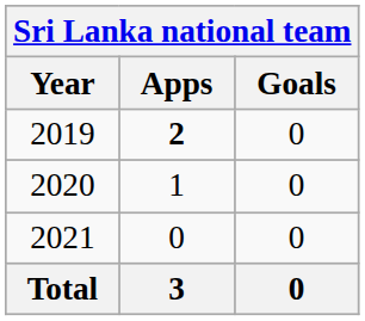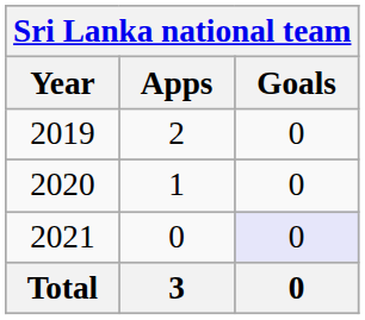 <table class="wikitable" style="text-align:center">
 <tr>
 <th colspan=3><a href='#'>Sri Lanka national team</a></th>
 </tr>
 <tr>
 <th>Year</th>
 <th>Apps</th>
 <th>Goals</th>
 </tr>
 <tr>
 <td>2019</td>
-<td><strong>2</strong></td>
+<td>2</td>
 <td>0</td>
 </tr>
 <tr>
 <td>2020</td>
 <td>1</td>
 <td>0</td>
 </tr>
 <tr>
 <td>2021</td>
 <td>0</td>
-<td>0</td>
+<td style="background: lavender;">0</td>
 </tr>
 <tr>
 <th>Total</th>
 <th>3</th>
 <th>0</th>
 </tr>
 </table>
